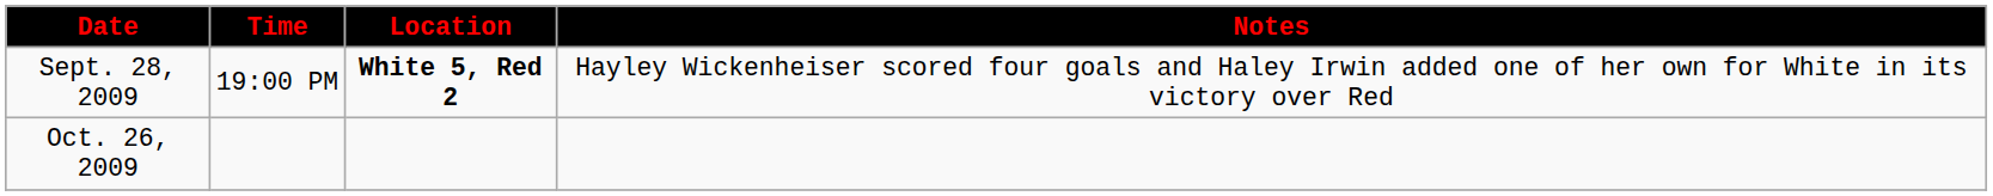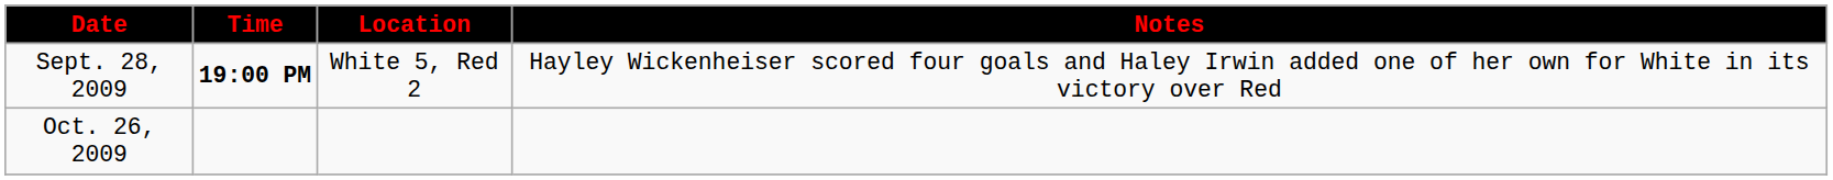 <table class="wikitable" style="width:80%;">
 <tr style="text-align:center; background:black; color:red;">
 <td><strong>Date</strong></td>
 <td><strong>Time</strong></td>
 <td><strong>Location</strong></td>
 <td><strong>Notes</strong></td>
 </tr>
 <tr style="text-align:center;" bgcolor="">
 <td>Sept. 28, 2009</td>
-<td>19:00 PM</td>
-<td><strong>White 5, Red 2</strong></td>
+<td><strong>19:00 PM</strong></td>
+<td>White 5, Red 2</td>
 <td>Hayley Wickenheiser scored four goals and Haley Irwin added one of her own for White in its victory over Red</td>
 </tr>
 <tr style="text-align:center;" bgcolor="">
 <td>Oct. 26, 2009</td>
 <td></td>
 <td></td>
 </tr>
 </table>
